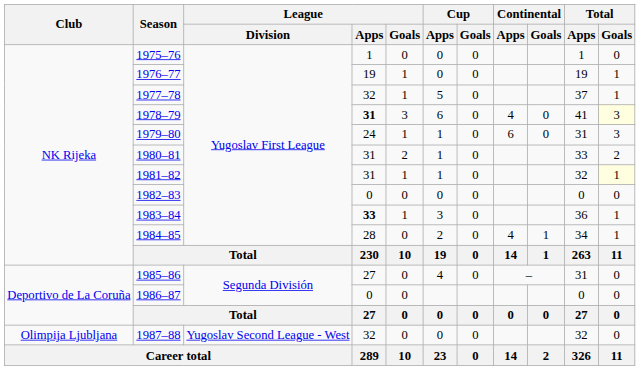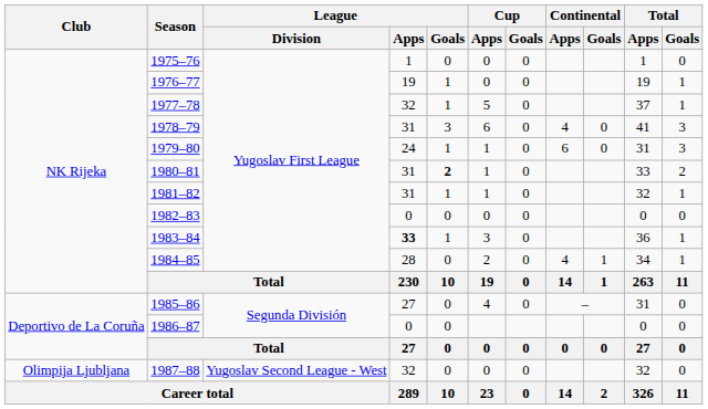 <table class="wikitable" style="text-align:center">
 <tr>
 <th rowspan="2">Club</th>
 <th rowspan="2">Season</th>
 <th colspan="3">League</th>
 <th colspan="2">Cup</th>
 <th colspan="2">Continental</th>
 <th colspan="2">Total</th>
 </tr>
 <tr>
 <th>Division</th>
 <th>Apps</th>
 <th>Goals</th>
 <th>Apps</th>
 <th>Goals</th>
 <th>Apps</th>
 <th>Goals</th>
 <th>Apps</th>
 <th>Goals</th>
 </tr>
 <tr>
 <td rowspan="11"><a href='#'>NK Rijeka</a></td>
 <td><a href='#'>1975–76</a></td>
 <td rowspan="10"><a href='#'>Yugoslav First League</a></td>
 <td>1</td>
 <td>0</td>
 <td>0</td>
 <td>0</td>
 <td></td>
 <td></td>
 <td>1</td>
 <td>0</td>
 </tr>
 <tr>
 <td><a href='#'>1976–77</a></td>
 <td>19</td>
 <td>1</td>
 <td>0</td>
 <td>0</td>
 <td></td>
 <td></td>
 <td>19</td>
 <td>1</td>
 </tr>
 <tr>
 <td><a href='#'>1977–78</a></td>
 <td>32</td>
 <td>1</td>
 <td>5</td>
 <td>0</td>
 <td></td>
 <td></td>
 <td>37</td>
 <td>1</td>
 </tr>
 <tr>
 <td><a href='#'>1978–79</a></td>
-<td><strong>31</strong></td>
+<td>31</td>
 <td>3</td>
 <td>6</td>
 <td>0</td>
 <td>4</td>
 <td>0</td>
 <td>41</td>
-<td style="background: lightyellow;">3</td>
+<td>3</td>
 </tr>
 <tr>
 <td><a href='#'>1979–80</a></td>
 <td>24</td>
 <td>1</td>
 <td>1</td>
 <td>0</td>
 <td>6</td>
 <td>0</td>
 <td>31</td>
 <td>3</td>
 </tr>
 <tr>
 <td><a href='#'>1980–81</a></td>
 <td>31</td>
-<td>2</td>
+<td><strong>2</strong></td>
 <td>1</td>
 <td>0</td>
 <td></td>
 <td></td>
 <td>33</td>
 <td>2</td>
 </tr>
 <tr>
 <td><a href='#'>1981–82</a></td>
 <td>31</td>
 <td>1</td>
 <td>1</td>
 <td>0</td>
 <td></td>
 <td></td>
 <td>32</td>
-<td style="background: lightyellow;">1</td>
+<td>1</td>
 </tr>
 <tr>
 <td><a href='#'>1982–83</a></td>
 <td>0</td>
 <td>0</td>
 <td>0</td>
 <td>0</td>
 <td></td>
 <td></td>
 <td>0</td>
 <td>0</td>
 </tr>
 <tr>
 <td><a href='#'>1983–84</a></td>
 <td><strong>33</strong></td>
 <td>1</td>
 <td>3</td>
 <td>0</td>
 <td></td>
 <td></td>
 <td>36</td>
 <td>1</td>
 </tr>
 <tr>
 <td><a href='#'>1984–85</a></td>
 <td>28</td>
 <td>0</td>
 <td>2</td>
 <td>0</td>
 <td>4</td>
 <td>1</td>
 <td>34</td>
 <td>1</td>
 </tr>
 <tr>
 <th colspan="2">Total</th>
 <th>230</th>
 <th>10</th>
 <th>19</th>
 <th>0</th>
 <th>14</th>
 <th>1</th>
 <th>263</th>
 <th>11</th>
 </tr>
 <tr>
 <td rowspan="3"><a href='#'>Deportivo de La Coruña</a></td>
 <td><a href='#'>1985–86</a></td>
 <td rowspan="2"><a href='#'>Segunda División</a></td>
 <td>27</td>
 <td>0</td>
 <td>4</td>
 <td>0</td>
 <td colspan="2">–</td>
 <td>31</td>
 <td>0</td>
 </tr>
 <tr>
 <td><a href='#'>1986–87</a></td>
 <td>0</td>
 <td>0</td>
 <td></td>
 <td></td>
 <td></td>
 <td></td>
 <td>0</td>
 <td>0</td>
 </tr>
 <tr>
 <th colspan="2">Total</th>
 <th>27</th>
 <th>0</th>
 <th>0</th>
 <th>0</th>
 <th>0</th>
 <th>0</th>
 <th>27</th>
 <th>0</th>
 </tr>
 <tr>
 <td><a href='#'>Olimpija Ljubljana</a></td>
 <td><a href='#'>1987–88</a></td>
 <td><a href='#'>Yugoslav Second League - West</a></td>
 <td>32</td>
 <td>0</td>
 <td>0</td>
 <td>0</td>
 <td></td>
 <td></td>
 <td>32</td>
 <td>0</td>
 </tr>
 <tr>
 <th colspan="3">Career total</th>
 <th>289</th>
 <th>10</th>
 <th>23</th>
 <th>0</th>
 <th>14</th>
 <th>2</th>
 <th>326</th>
 <th>11</th>
 </tr>
 </table>
